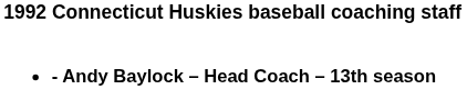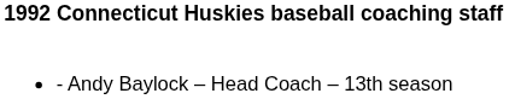 <table class="toccolours">
 <tr>
 <th colspan=9>1992 Connecticut Huskies baseball coaching staff</th>
 </tr>
 <tr>
-<td style="text-align: left; font-size: 95%;" valign="top"><strong><br><ul><li>- Andy Baylock – Head Coach – 13th season</li></ul></strong></td>
+<td style="text-align: left; font-size: 95%;" valign="top"><br><ul><li>- Andy Baylock – Head Coach – 13th season</li></ul></td>
 </tr>
 </table>
